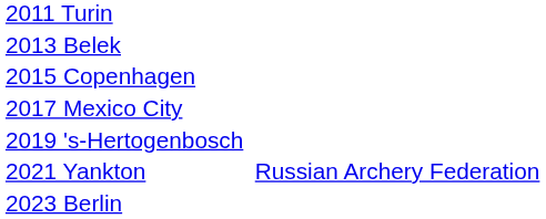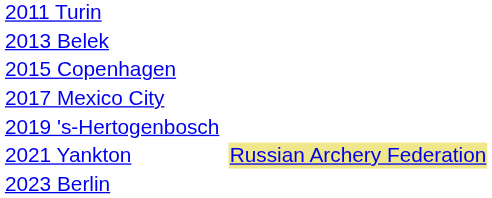 <table>
 <tr>
 <td> <a href='#'>2011 Turin</a></td>
 <td></td>
 <td></td>
 <td></td>
 </tr>
 <tr>
 <td> <a href='#'>2013 Belek</a></td>
 <td></td>
 <td></td>
 <td></td>
 </tr>
 <tr>
 <td> <a href='#'>2015 Copenhagen</a></td>
 <td></td>
 <td></td>
 <td></td>
 </tr>
 <tr>
 <td> <a href='#'>2017 Mexico City</a></td>
 <td></td>
 <td></td>
 <td></td>
 </tr>
 <tr>
 <td> <a href='#'>2019 's-Hertogenbosch</a></td>
 <td></td>
 <td></td>
 <td></td>
 </tr>
 <tr>
 <td> <a href='#'>2021 Yankton</a></td>
 <td></td>
-<td><a href='#'>Russian Archery Federation</a></td>
+<td style="background: khaki;"><a href='#'>Russian Archery Federation</a></td>
 <td></td>
 </tr>
 <tr>
 <td> <a href='#'>2023 Berlin</a></td>
 <td></td>
 <td></td>
 <td></td>
 </tr>
 </table>
